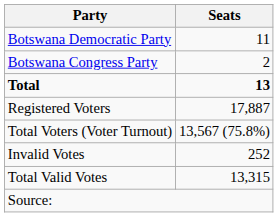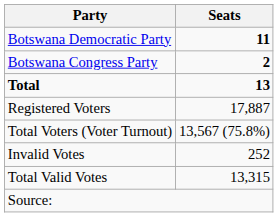 <table class=wikitable style=text-align:right>
 <tr>
 <th>Party</th>
 <th>Seats</th>
 </tr>
 <tr>
 <td align=left><a href='#'>Botswana Democratic Party</a></td>
-<td>11</td>
+<td><strong>11</strong></td>
 </tr>
 <tr>
 <td align=left><a href='#'>Botswana Congress Party</a></td>
-<td>2</td>
+<td><strong>2</strong></td>
 </tr>
 <tr>
 <td align=left><strong>Total</strong></td>
 <td><strong>13</strong></td>
 </tr>
 <tr>
 <td align=left>Registered Voters</td>
 <td>17,887</td>
 </tr>
 <tr>
 <td align=left>Total Voters (Voter Turnout)</td>
 <td>13,567 (75.8%)</td>
 </tr>
 <tr>
 <td align=left>Invalid Votes</td>
 <td>252</td>
 </tr>
 <tr>
 <td align=left>Total Valid Votes</td>
 <td>13,315</td>
 </tr>
 <tr>
 <td colspan=4 align=left>Source: </td>
 </tr>
 </table>
